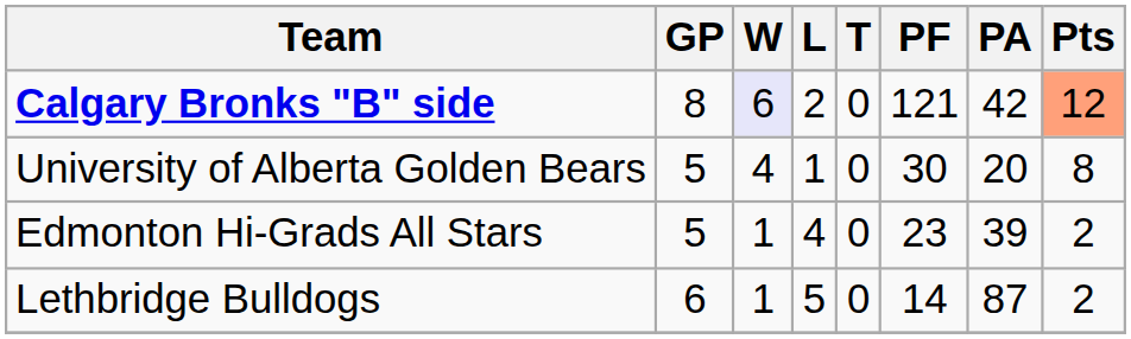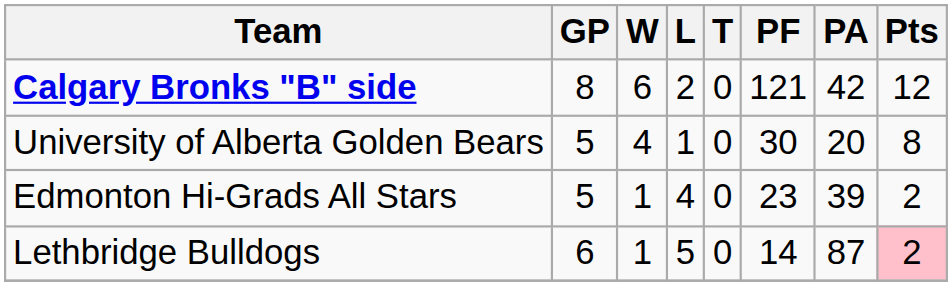 <table class="wikitable">
 <tr>
 <th>Team</th>
 <th>GP</th>
 <th>W</th>
 <th>L</th>
 <th>T</th>
 <th>PF</th>
 <th>PA</th>
 <th>Pts</th>
 </tr>
 <tr align="center">
 <td align="left"><strong><a href='#'>Calgary Bronks "B" side</a></strong></td>
 <td>8</td>
-<td style="background: lavender;">6</td>
+<td>6</td>
 <td>2</td>
 <td>0</td>
 <td>121</td>
 <td>42</td>
-<td style="background: lightsalmon;">12</td>
+<td>12</td>
 </tr>
 <tr align="center">
 <td align="left">University of Alberta Golden Bears</td>
 <td>5</td>
 <td>4</td>
 <td>1</td>
 <td>0</td>
 <td>30</td>
 <td>20</td>
 <td>8</td>
 </tr>
 <tr align="center">
 <td align="left">Edmonton Hi-Grads All Stars</td>
 <td>5</td>
 <td>1</td>
 <td>4</td>
 <td>0</td>
 <td>23</td>
 <td>39</td>
 <td>2</td>
 </tr>
 <tr align="center">
 <td align="left">Lethbridge Bulldogs</td>
 <td>6</td>
 <td>1</td>
 <td>5</td>
 <td>0</td>
 <td>14</td>
 <td>87</td>
-<td>2</td>
+<td style="background: pink;">2</td>
 </tr>
 <tr align="center">
 </tr>
 </table>
